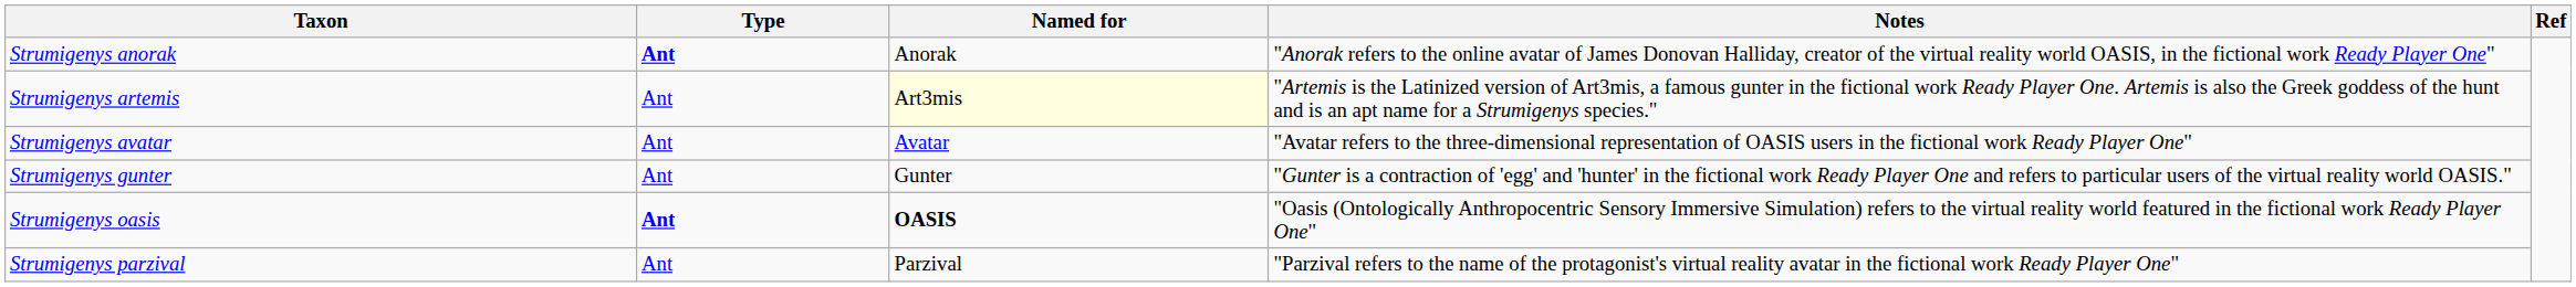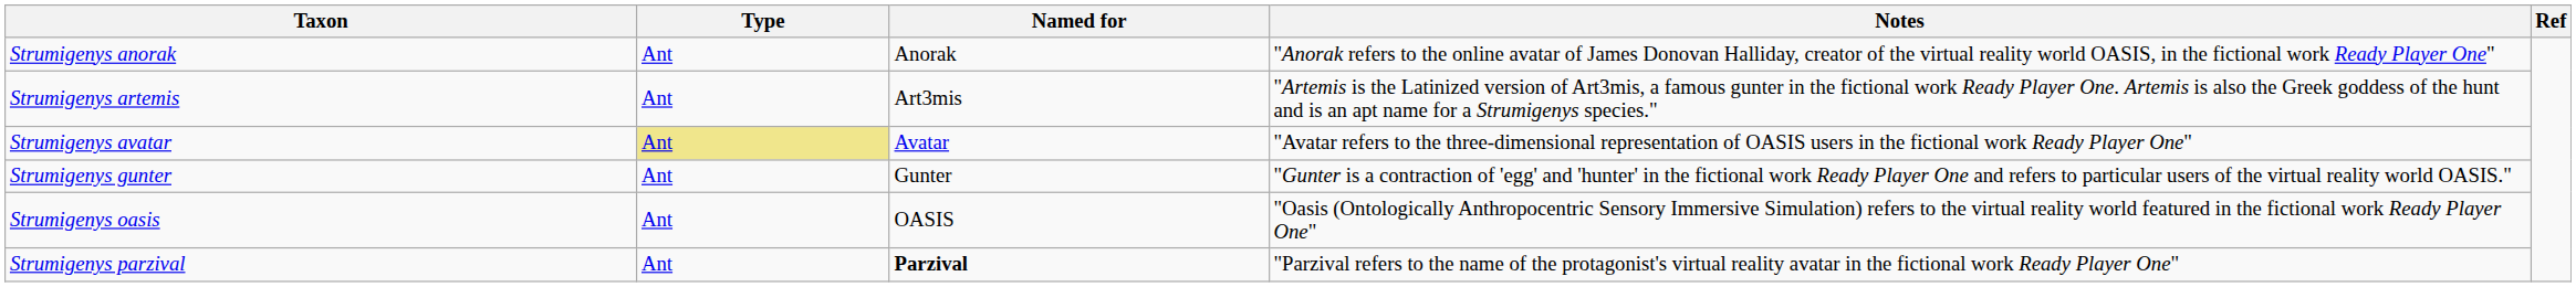 <table class="wikitable sortable" width="100%">
 <tr>
 <th style="width:25%;">Taxon</th>
 <th style="width:10%;">Type</th>
 <th style="width:15%;">Named for</th>
 <th style="width:50%;" class="unsortable">Notes</th>
 <th class="unsortable">Ref</th>
 </tr>
 <tr>
 <td><em><a href='#'>Strumigenys anorak</a></em> </td>
-<td><strong><a href='#'>Ant</a></strong></td>
+<td><a href='#'>Ant</a></td>
 <td>Anorak</td>
 <td>"<em>Anorak</em> refers to the online avatar of James Donovan Halliday, creator of the virtual reality world OASIS, in the fictional work <em><a href='#'>Ready Player One</a></em>"</td>
 <td rowspan="6"></td>
 </tr>
 <tr>
 <td><em><a href='#'>Strumigenys artemis</a></em> </td>
 <td><a href='#'>Ant</a></td>
-<td style="background: lightyellow;">Art3mis</td>
+<td>Art3mis</td>
 <td>"<em>Artemis</em> is the Latinized version of Art3mis, a famous gunter in the fictional work <em>Ready Player One</em>. <em>Artemis</em> is also the Greek goddess of the hunt and is an apt name for a <em>Strumigenys</em> species."</td>
 </tr>
 <tr>
 <td><em><a href='#'>Strumigenys avatar</a></em> </td>
-<td><a href='#'>Ant</a></td>
+<td style="background: khaki;"><a href='#'>Ant</a></td>
 <td><a href='#'>Avatar</a></td>
 <td>"Avatar refers to the three-dimensional representation of OASIS users in the fictional work <em>Ready Player One</em>"</td>
 </tr>
 <tr>
 <td><em><a href='#'>Strumigenys gunter</a></em> </td>
 <td><a href='#'>Ant</a></td>
 <td>Gunter</td>
 <td>"<em>Gunter</em> is a contraction of 'egg' and 'hunter' in the fictional work <em>Ready Player One</em> and refers to particular users of the virtual reality world OASIS."</td>
 </tr>
 <tr>
 <td><em><a href='#'>Strumigenys oasis</a></em> </td>
-<td><strong><a href='#'>Ant</a></strong></td>
-<td><strong>OASIS</strong></td>
+<td><a href='#'>Ant</a></td>
+<td>OASIS</td>
 <td>"Oasis (Ontologically Anthropocentric Sensory Immersive Simulation) refers to the virtual reality world featured in the fictional work <em>Ready Player One</em>"</td>
 </tr>
 <tr>
 <td><em><a href='#'>Strumigenys parzival</a></em> </td>
 <td><a href='#'>Ant</a></td>
-<td>Parzival</td>
+<td><strong>Parzival</strong></td>
 <td>"Parzival refers to the name of the protagonist's virtual reality avatar in the fictional work <em>Ready Player One</em>"</td>
 </tr>
 </table>
